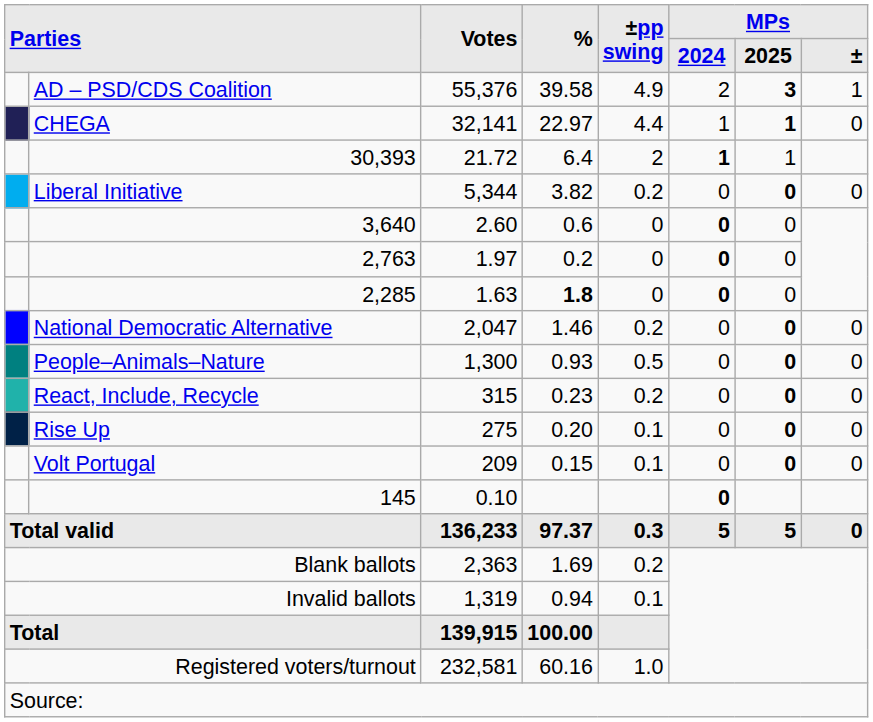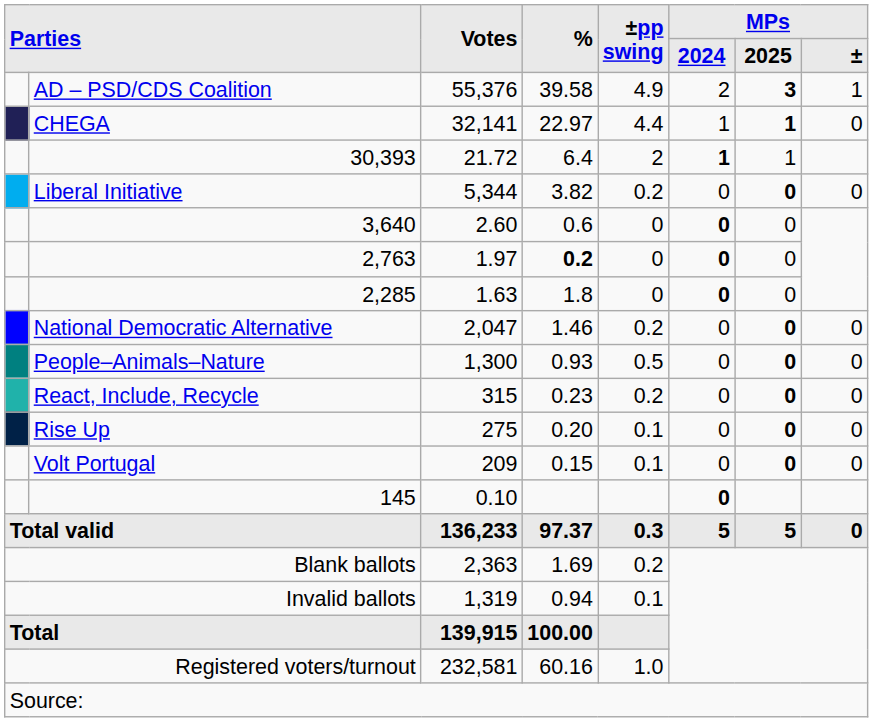 <table class="wikitable" style="text-align:right; font-size:95%;">
 <tr>
 <th rowspan="2" colspan="2" style="background:#e9e9e9; text-align:left;" alignleft><a href='#'>Parties</a></th>
 <th rowspan="2" style="background:#e9e9e9; text-align:right;">Votes</th>
 <th rowspan="2" style="background:#e9e9e9; text-align:right;">%</th>
 <th rowspan="2" style="background:#e9e9e9; text-align:right;">±<a href='#'>pp</a> <a href='#'>swing</a></th>
 <th colspan="3" style="background:#e9e9e9; text-align:center;"><a href='#'>MPs</a></th>
 </tr>
 <tr style="background-color:#E9E9E9">
 <th style="background-color:#E9E9E9;text-align:center;"><a href='#'>2024</a></th>
 <th style="background-color:#E9E9E9;text-align:center;">2025</th>
 <th style="background:#e9e9e9; text-align:right;">±</th>
 </tr>
 <tr>
 <td style="width: 10px" bgcolor=></td>
 <td align="left"><a href='#'>AD – PSD/CDS Coalition</a> </td>
 <td>55,376</td>
 <td>39.58</td>
 <td>4.9</td>
 <td>2</td>
 <td><strong>3</strong></td>
 <td>1</td>
 </tr>
 <tr>
 <td style="width: 10px" bgcolor="#202056" align="center"></td>
 <td align="left"><a href='#'>CHEGA</a></td>
 <td>32,141</td>
 <td>22.97</td>
 <td>4.4</td>
 <td>1</td>
 <td><strong>1</strong></td>
 <td>0</td>
 </tr>
 <tr>
 <td></td>
 <td>30,393</td>
 <td>21.72</td>
 <td>6.4</td>
 <td>2</td>
 <td><strong>1</strong></td>
 <td>1</td>
 </tr>
 <tr>
 <td style="width: 10px" bgcolor="#00ADEF" align="center"></td>
 <td align="left"><a href='#'>Liberal Initiative</a></td>
 <td>5,344</td>
 <td>3.82</td>
 <td>0.2</td>
 <td>0</td>
 <td><strong>0</strong></td>
 <td>0</td>
 </tr>
 <tr>
 <td></td>
 <td>3,640</td>
 <td>2.60</td>
 <td>0.6</td>
 <td>0</td>
 <td><strong>0</strong></td>
 <td>0</td>
 </tr>
 <tr>
 <td></td>
 <td>2,763</td>
 <td>1.97</td>
-<td>0.2</td>
+<td><strong>0.2</strong></td>
 <td>0</td>
 <td><strong>0</strong></td>
 <td>0</td>
 </tr>
 <tr>
 <td></td>
 <td>2,285</td>
 <td>1.63</td>
-<td><strong>1.8</strong></td>
+<td>1.8</td>
 <td>0</td>
 <td><strong>0</strong></td>
 <td>0</td>
 </tr>
 <tr>
 <td style="width: 10px" bgcolor="blue" align="center"></td>
 <td align="left"><a href='#'>National Democratic Alternative</a></td>
 <td>2,047</td>
 <td>1.46</td>
 <td>0.2</td>
 <td>0</td>
 <td><strong>0</strong></td>
 <td>0</td>
 </tr>
 <tr>
 <td style="width: 10px" bgcolor="teal" align="center"></td>
 <td align="left"><a href='#'>People–Animals–Nature</a></td>
 <td>1,300</td>
 <td>0.93</td>
 <td>0.5</td>
 <td>0</td>
 <td><strong>0</strong></td>
 <td>0</td>
 </tr>
 <tr>
 <td style="width: 10px" bgcolor="LightSeaGreen" align="center"></td>
 <td align="left"><a href='#'>React, Include, Recycle</a></td>
 <td>315</td>
 <td>0.23</td>
 <td>0.2</td>
 <td>0</td>
 <td><strong>0</strong></td>
 <td>0</td>
 </tr>
 <tr>
 <td style="width: 10px" bgcolor="#002147" align="center"></td>
 <td align="left"><a href='#'>Rise Up</a></td>
 <td>275</td>
 <td>0.20</td>
 <td>0.1</td>
 <td>0</td>
 <td><strong>0</strong></td>
 <td>0</td>
 </tr>
 <tr>
 <td style="width: 10px"></td>
 <td align="left"><a href='#'>Volt Portugal</a></td>
 <td>209</td>
 <td>0.15</td>
 <td>0.1</td>
 <td>0</td>
 <td><strong>0</strong></td>
 <td>0</td>
 </tr>
 <tr>
 <td></td>
 <td>145</td>
 <td>0.10</td>
 <td></td>
 <td></td>
 <td><strong>0</strong></td>
 <td></td>
 </tr>
 <tr>
 <td colspan=2 width="288" align=left style="background-color:#E9E9E9"><strong>Total valid</strong></td>
 <td width="65" align="right" style="background-color:#E9E9E9"><strong>136,233</strong></td>
 <td width="40" align="right" style="background-color:#E9E9E9"><strong>97.37</strong></td>
 <td width="40" align="right" style="background-color:#E9E9E9"><strong>0.3</strong></td>
 <td width="40" align="right" style="background-color:#E9E9E9"><strong>5</strong></td>
 <td width="40" align="right" style="background-color:#E9E9E9"><strong>5</strong></td>
 <td width="40" align="right" style="background-color:#E9E9E9"><strong>0</strong></td>
 </tr>
 <tr>
 <td colspan=2>Blank ballots</td>
 <td>2,363</td>
 <td>1.69</td>
 <td>0.2</td>
 <td colspan=3 rowspan=4></td>
 </tr>
 <tr>
 <td colspan=2>Invalid ballots</td>
 <td>1,319</td>
 <td>0.94</td>
 <td>0.1</td>
 </tr>
 <tr>
 <td colspan=2 align=left style="background-color:#E9E9E9"><strong>Total</strong></td>
 <td width="50" align="right" style="background-color:#E9E9E9"><strong>139,915</strong></td>
 <td width="40" align="right" style="background-color:#E9E9E9"><strong>100.00</strong></td>
 <td width="40" align="right" style="background-color:#E9E9E9"></td>
 </tr>
 <tr>
 <td colspan=2>Registered voters/turnout</td>
 <td>232,581</td>
 <td>60.16</td>
 <td>1.0</td>
 </tr>
 <tr>
 <td colspan=8 align=left>Source: </td>
 </tr>
 </table>
